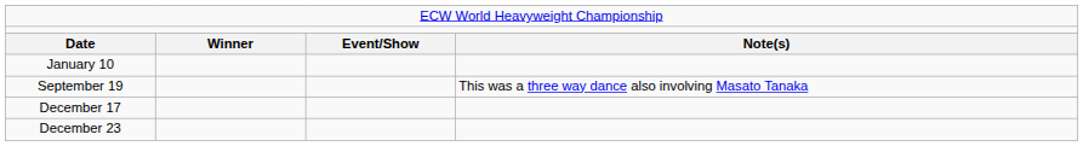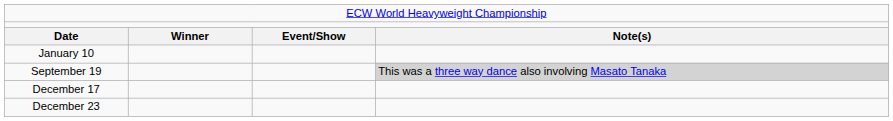 <table class="wikitable" style="text-align:center; width:100%;">
 <tr>
 <td colspan="5"><a href='#'>ECW World Heavyweight Championship</a></td>
 </tr>
 <tr>
 <td colspan="5"><strong></strong></td>
 </tr>
 <tr>
 <th width="14%">Date</th>
 <th width="14%">Winner</th>
 <th width="14%">Event/Show</th>
 <th width="58%">Note(s)</th>
 </tr>
 <tr>
 <td>January 10</td>
 <td></td>
 <td></td>
 <td align="left"></td>
 </tr>
 <tr>
 <td>September 19</td>
 <td></td>
 <td></td>
-<td align="left">This was a <a href='#'>three way dance</a> also involving <a href='#'>Masato Tanaka</a></td>
+<td align="left" style="background: lightgrey;">This was a <a href='#'>three way dance</a> also involving <a href='#'>Masato Tanaka</a></td>
 </tr>
 <tr>
 <td>December 17</td>
 <td></td>
 <td></td>
 <td align="left"></td>
 </tr>
 <tr>
 <td>December 23</td>
 <td></td>
 <td></td>
 <td align="left"></td>
 </tr>
 </table>
